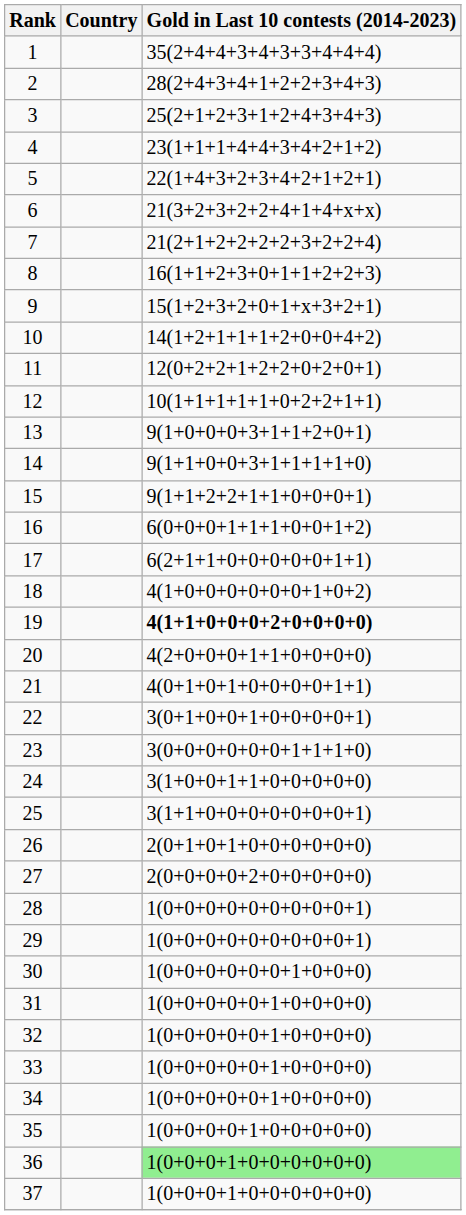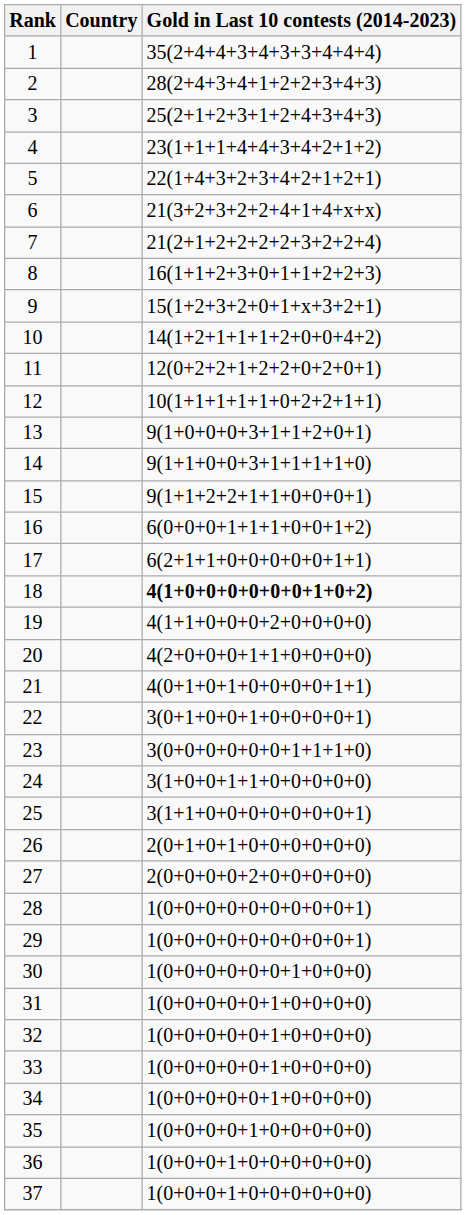 <table class="wikitable sortable">
 <tr>
 <th>Rank</th>
 <th>Country</th>
 <th>Gold in Last 10 contests (2014-2023)</th>
 </tr>
 <tr>
 <td align=center>1</td>
 <td align=left></td>
 <td>35(2+4+4+3+4+3+3+4+4+4)</td>
 </tr>
 <tr>
 <td align=center>2</td>
 <td align=left></td>
 <td>28(2+4+3+4+1+2+2+3+4+3)</td>
 </tr>
 <tr>
 <td align=center>3</td>
 <td align=left></td>
 <td>25(2+1+2+3+1+2+4+3+4+3)</td>
 </tr>
 <tr>
 <td align=center>4</td>
 <td align=left></td>
 <td>23(1+1+1+4+4+3+4+2+1+2)</td>
 </tr>
 <tr>
 <td align=center>5</td>
 <td align=left></td>
 <td>22(1+4+3+2+3+4+2+1+2+1)</td>
 </tr>
 <tr>
 <td align=center>6</td>
 <td align=left></td>
 <td>21(3+2+3+2+2+4+1+4+x+x)</td>
 </tr>
 <tr>
 <td align=center>7</td>
 <td align=left></td>
 <td>21(2+1+2+2+2+2+3+2+2+4)</td>
 </tr>
 <tr>
 <td align=center>8</td>
 <td align=left></td>
 <td>16(1+1+2+3+0+1+1+2+2+3)</td>
 </tr>
 <tr>
 <td align=center>9</td>
 <td align=left></td>
 <td>15(1+2+3+2+0+1+x+3+2+1)</td>
 </tr>
 <tr>
 <td align=center>10</td>
 <td align=left></td>
 <td>14(1+2+1+1+1+2+0+0+4+2)</td>
 </tr>
 <tr>
 <td align=center>11</td>
 <td align=left></td>
 <td>12(0+2+2+1+2+2+0+2+0+1)</td>
 </tr>
 <tr>
 <td align=center>12</td>
 <td align=left></td>
 <td>10(1+1+1+1+1+0+2+2+1+1)</td>
 </tr>
 <tr>
 <td align=center>13</td>
 <td align=left></td>
 <td>9(1+0+0+0+3+1+1+2+0+1)</td>
 </tr>
 <tr>
 <td align=center>14</td>
 <td align=left></td>
 <td>9(1+1+0+0+3+1+1+1+1+0)</td>
 </tr>
 <tr>
 <td align=center>15</td>
 <td align=left></td>
 <td>9(1+1+2+2+1+1+0+0+0+1)</td>
 </tr>
 <tr>
 <td align=center>16</td>
 <td align=left></td>
 <td>6(0+0+0+1+1+1+0+0+1+2)</td>
 </tr>
 <tr>
 <td align=center>17</td>
 <td align=left></td>
 <td>6(2+1+1+0+0+0+0+0+1+1)</td>
 </tr>
 <tr>
 <td align=center>18</td>
 <td align=left></td>
-<td>4(1+0+0+0+0+0+0+1+0+2)</td>
+<td><strong>4(1+0+0+0+0+0+0+1+0+2)</strong></td>
 </tr>
 <tr>
 <td align=center>19</td>
 <td align=left></td>
-<td><strong>4(1+1+0+0+0+2+0+0+0+0)</strong></td>
+<td>4(1+1+0+0+0+2+0+0+0+0)</td>
 </tr>
 <tr>
 <td align=center>20</td>
 <td align=left></td>
 <td>4(2+0+0+0+1+1+0+0+0+0)</td>
 </tr>
 <tr>
 <td align=center>21</td>
 <td align=left></td>
 <td>4(0+1+0+1+0+0+0+0+1+1)</td>
 </tr>
 <tr>
 <td align=center>22</td>
 <td align=left></td>
 <td>3(0+1+0+0+1+0+0+0+0+1)</td>
 </tr>
 <tr>
 <td align=center>23</td>
 <td align=left></td>
 <td>3(0+0+0+0+0+0+1+1+1+0)</td>
 </tr>
 <tr>
 <td align=center>24</td>
 <td align=left></td>
 <td>3(1+0+0+1+1+0+0+0+0+0)</td>
 </tr>
 <tr>
 <td align=center>25</td>
 <td align=left></td>
 <td>3(1+1+0+0+0+0+0+0+0+1)</td>
 </tr>
 <tr>
 <td align=center>26</td>
 <td align=left></td>
 <td>2(0+1+0+1+0+0+0+0+0+0)</td>
 </tr>
 <tr>
 <td align=center>27</td>
 <td align=left></td>
 <td>2(0+0+0+0+2+0+0+0+0+0)</td>
 </tr>
 <tr>
 <td align=center>28</td>
 <td align=left></td>
 <td>1(0+0+0+0+0+0+0+0+0+1)</td>
 </tr>
 <tr>
 <td align=center>29</td>
 <td align=left></td>
 <td>1(0+0+0+0+0+0+0+0+0+1)</td>
 </tr>
 <tr>
 <td align=center>30</td>
 <td align=left></td>
 <td>1(0+0+0+0+0+0+1+0+0+0)</td>
 </tr>
 <tr>
 <td align=center>31</td>
 <td align=left></td>
 <td>1(0+0+0+0+0+1+0+0+0+0)</td>
 </tr>
 <tr>
 <td align=center>32</td>
 <td align=left></td>
 <td>1(0+0+0+0+0+1+0+0+0+0)</td>
 </tr>
 <tr>
 <td align=center>33</td>
 <td align=left></td>
 <td>1(0+0+0+0+0+1+0+0+0+0)</td>
 </tr>
 <tr>
 <td align=center>34</td>
 <td align=left></td>
 <td>1(0+0+0+0+0+1+0+0+0+0)</td>
 </tr>
 <tr>
 <td align=center>35</td>
 <td align=left></td>
 <td>1(0+0+0+0+1+0+0+0+0+0)</td>
 </tr>
 <tr>
 <td align=center>36</td>
 <td align=left></td>
-<td style="background: lightgreen;">1(0+0+0+1+0+0+0+0+0+0)</td>
+<td>1(0+0+0+1+0+0+0+0+0+0)</td>
 </tr>
 <tr>
 <td align=center>37</td>
 <td align=left></td>
 <td>1(0+0+0+1+0+0+0+0+0+0)</td>
 </tr>
 <tr>
 </tr>
 </table>
